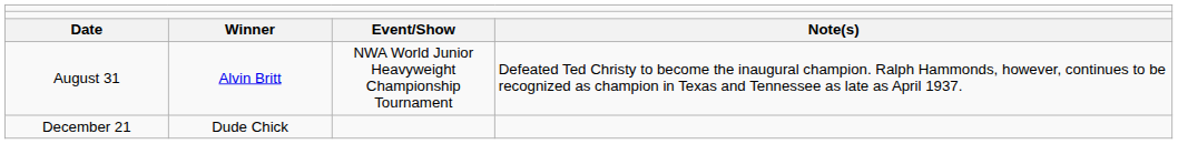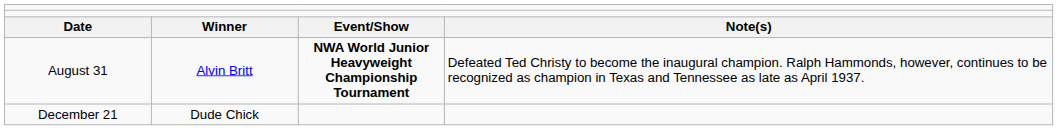 <table class="wikitable" style="text-align:center; width:100%;">
 <tr>
 <td colspan="5"></td>
 </tr>
 <tr>
 <td colspan="5"><strong></strong></td>
 </tr>
 <tr>
 <th width=14%>Date</th>
 <th width=14%>Winner</th>
 <th width=14%>Event/Show</th>
 <th width=58%>Note(s)</th>
 </tr>
 <tr>
 <td>August 31</td>
 <td><a href='#'>Alvin Britt</a></td>
-<td>NWA World Junior Heavyweight Championship Tournament</td>
+<td><strong>NWA World Junior Heavyweight Championship Tournament</strong></td>
 <td align=left>Defeated Ted Christy to become the inaugural champion. Ralph Hammonds, however, continues to be recognized as champion in Texas and Tennessee as late as April 1937.</td>
 </tr>
 <tr>
 <td>December 21</td>
 <td>Dude Chick</td>
 <td></td>
 <td align=left></td>
 </tr>
 </table>
